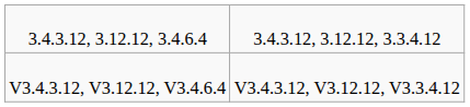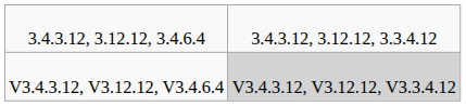 <table class=wikitable>
 <tr align=center>
 <td><br>3.4.3.12, 3.12.12, 3.4.6.4</td>
 <td><br>3.4.3.12, 3.12.12, 3.3.4.12</td>
 </tr>
 <tr>
 <td><br>V3.4.3.12, V3.12.12, V3.4.6.4</td>
-<td><br>V3.4.3.12, V3.12.12, V3.3.4.12</td>
+<td style="background: lightgrey;"><br>V3.4.3.12, V3.12.12, V3.3.4.12</td>
 </tr>
 </table>
